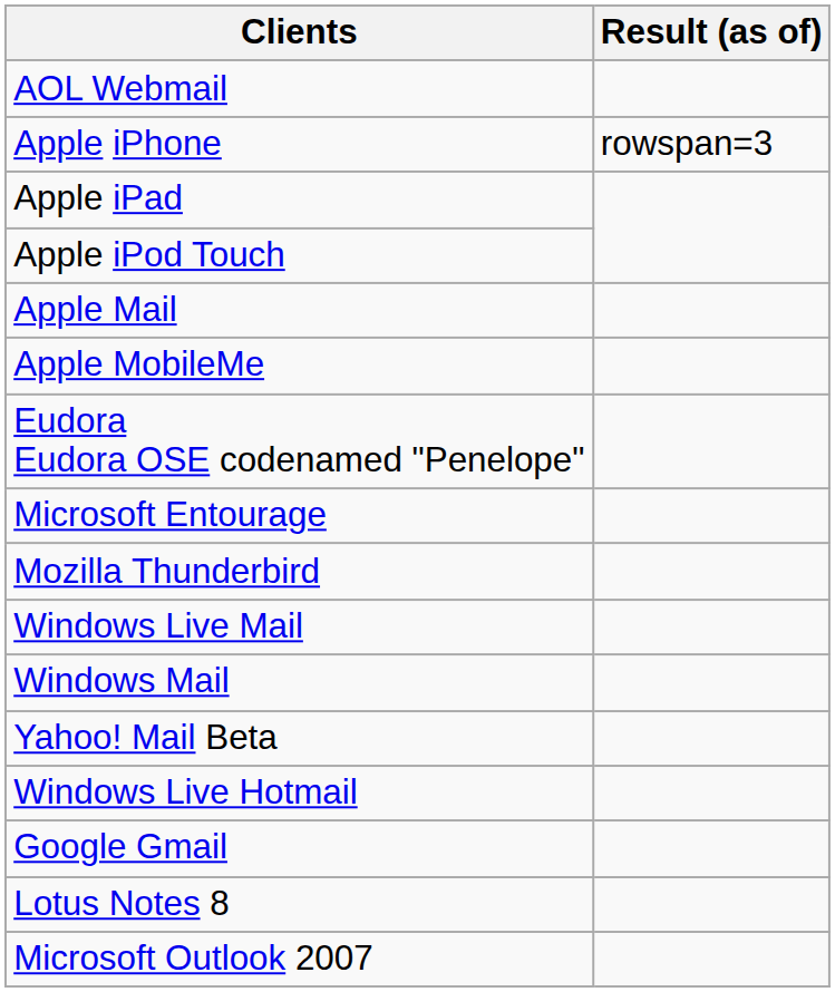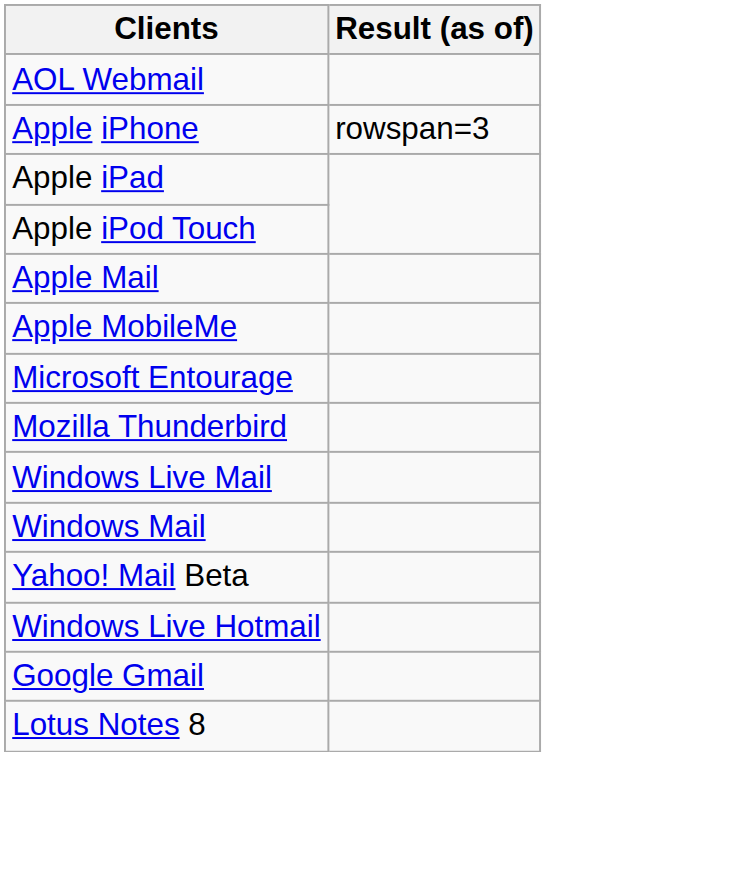 <table class="wikitable">
 <tr>
 <th>Clients</th>
 <th>Result (as of)</th>
 </tr>
 <tr>
 <td><a href='#'>AOL Webmail</a></td>
 <td></td>
 </tr>
 <tr>
 <td><a href='#'>Apple</a> <a href='#'>iPhone</a></td>
 <td>rowspan=3 </td>
 </tr>
 <tr>
 <td>Apple <a href='#'>iPad</a></td>
 </tr>
 <tr>
 <td>Apple <a href='#'>iPod Touch</a></td>
 </tr>
 <tr>
 <td><a href='#'>Apple Mail</a></td>
 <td></td>
 </tr>
 <tr>
 <td><a href='#'>Apple MobileMe</a></td>
-<td></td>
-</tr>
-<tr>
-<td><a href='#'>Eudora</a><br><a href='#'>Eudora OSE</a> codenamed "Penelope"</td>
 <td></td>
 </tr>
 <tr>
 <td><a href='#'>Microsoft Entourage</a></td>
 <td></td>
 </tr>
 <tr>
 <td><a href='#'>Mozilla Thunderbird</a></td>
 <td></td>
 </tr>
 <tr>
 <td><a href='#'>Windows Live Mail</a></td>
 <td></td>
 </tr>
 <tr>
 <td><a href='#'>Windows Mail</a></td>
 <td></td>
 </tr>
 <tr>
 <td><a href='#'>Yahoo! Mail</a> Beta</td>
 <td></td>
 </tr>
 <tr>
 <td><a href='#'>Windows Live Hotmail</a></td>
 <td></td>
 </tr>
 <tr>
 <td><a href='#'>Google Gmail</a></td>
 <td></td>
 </tr>
 <tr>
 <td><a href='#'>Lotus Notes</a> 8</td>
 <td></td>
 </tr>
-<tr>
-<td><a href='#'>Microsoft Outlook</a> 2007</td>
-<td></td>
-</tr>
 </table>
